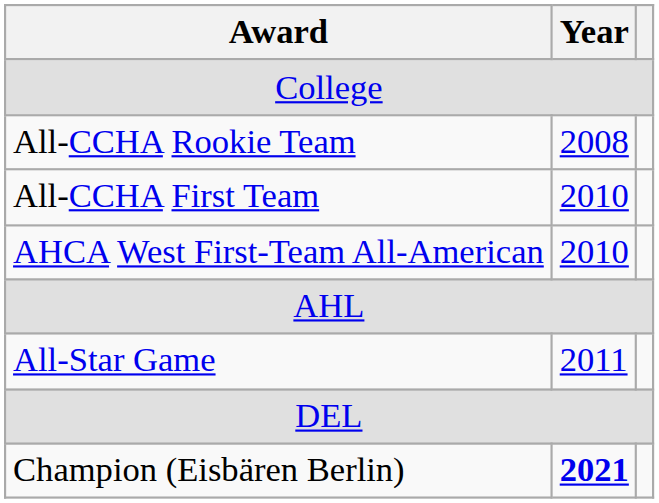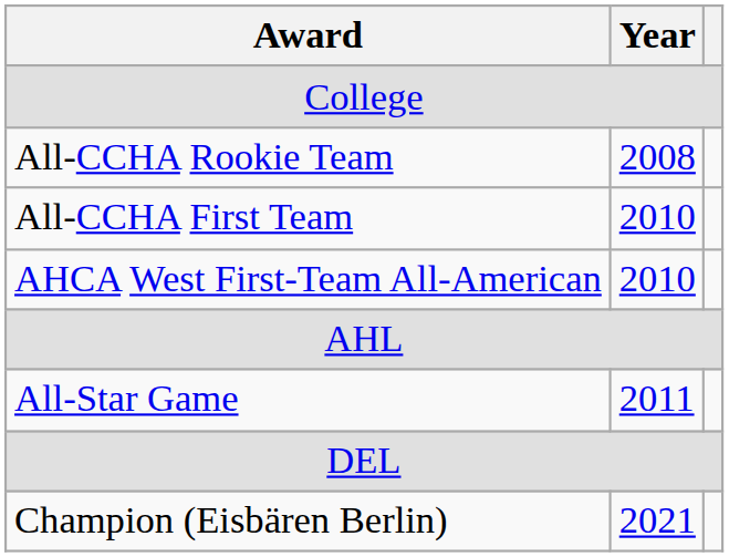 <table class="wikitable">
 <tr>
 <th>Award</th>
 <th>Year</th>
 <th></th>
 </tr>
 <tr ALIGN="center" bgcolor="#e0e0e0">
 <td colspan="3"><a href='#'>College</a></td>
 </tr>
 <tr>
 <td>All-<a href='#'>CCHA</a> <a href='#'>Rookie Team</a></td>
 <td><a href='#'>2008</a></td>
 <td></td>
 </tr>
 <tr>
 <td>All-<a href='#'>CCHA</a> <a href='#'>First Team</a></td>
 <td><a href='#'>2010</a></td>
 <td></td>
 </tr>
 <tr>
 <td><a href='#'>AHCA</a> <a href='#'>West First-Team All-American</a></td>
 <td><a href='#'>2010</a></td>
 <td></td>
 </tr>
 <tr ALIGN="center" bgcolor="#e0e0e0">
 <td colspan="3"><a href='#'>AHL</a></td>
 </tr>
 <tr>
 <td><a href='#'>All-Star Game</a></td>
 <td><a href='#'>2011</a></td>
 <td></td>
 </tr>
 <tr ALIGN="center" bgcolor="#e0e0e0">
 <td colspan="3"><a href='#'>DEL</a></td>
 </tr>
 <tr>
 <td>Champion (Eisbären Berlin)</td>
-<td><strong><a href='#'>2021</a></strong></td>
+<td><a href='#'>2021</a></td>
 <td></td>
 </tr>
 </table>
